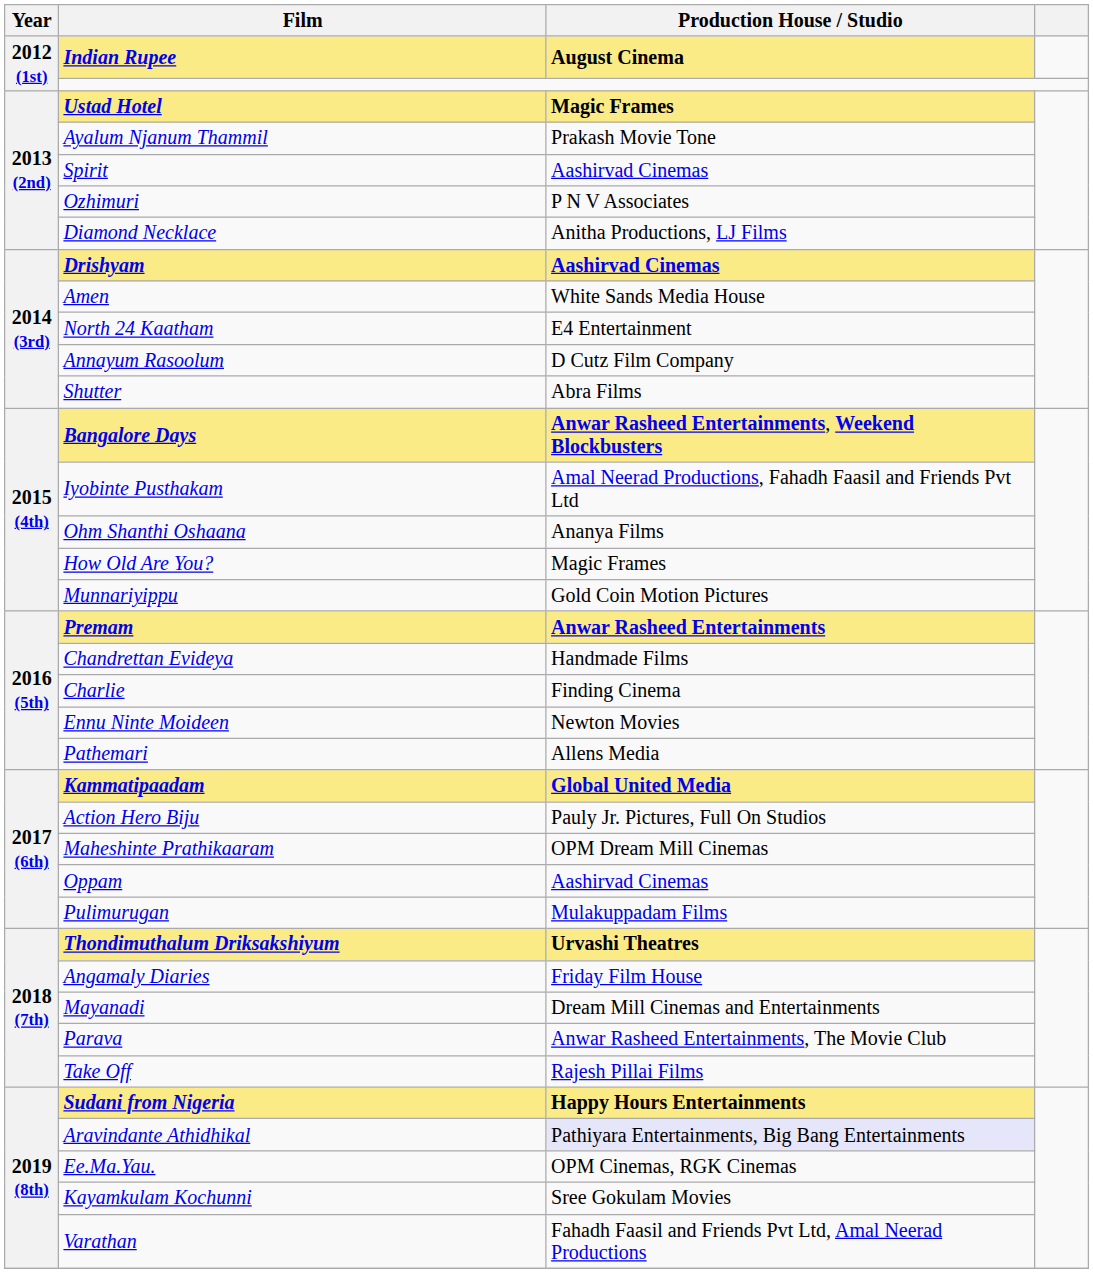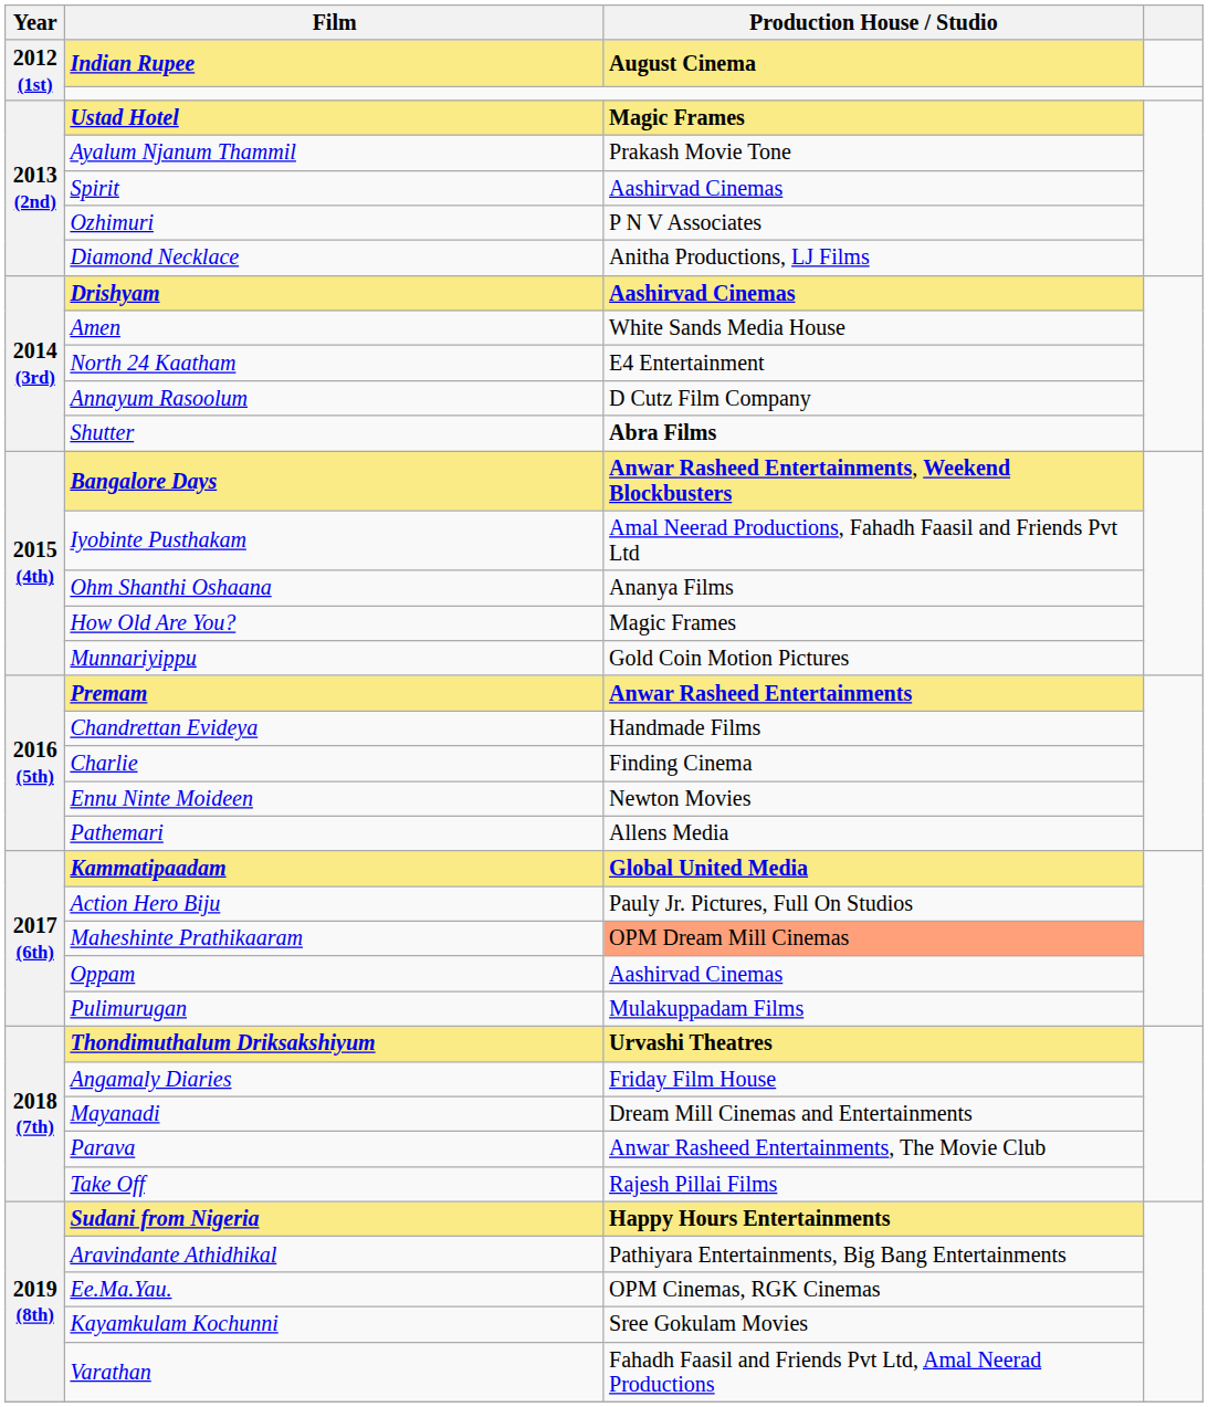 <table class="wikitable sortable" style="text-align:left;">
 <tr>
 <th scope="col" style="width:5%; text-align:center;">Year</th>
 <th scope="col" style="width:45%;text-align:center;">Film</th>
 <th scope="col" style="width:45%;text-align:center;">Production House / Studio</th>
 <th class="unsortable"></th>
 </tr>
 <tr>
 <th scope="row" rowspan="2" style="text-align:center">2012 <br><small><a href='#'>(1st)</a> </small></th>
 <td style="background:#FAEB86;"><strong><em><a href='#'>Indian Rupee</a></em></strong> </td>
 <td style="background:#FAEB86;"><strong>August Cinema</strong></td>
 <td></td>
 </tr>
 <tr>
 <td colspan =3 style="text-align:center"></td>
 </tr>
 <tr>
 <th scope="row" rowspan="5" style="text-align:center">2013 <br><small><a href='#'>(2nd)</a> </small></th>
 <td style="background:#FAEB86;"><strong><em><a href='#'>Ustad Hotel</a></em></strong> </td>
 <td style="background:#FAEB86;"><strong>Magic Frames</strong></td>
 <td rowspan="5"></td>
 </tr>
 <tr>
 <td><em><a href='#'>Ayalum Njanum Thammil</a></em></td>
 <td>Prakash Movie Tone</td>
 </tr>
 <tr>
 <td><em><a href='#'>Spirit</a></em></td>
 <td><a href='#'>Aashirvad Cinemas</a></td>
 </tr>
 <tr>
 <td><em><a href='#'>Ozhimuri</a></em></td>
 <td>P N V Associates</td>
 </tr>
 <tr>
 <td><em><a href='#'>Diamond Necklace</a></em></td>
 <td>Anitha Productions, <a href='#'>LJ Films</a></td>
 </tr>
 <tr>
 <th scope="row" rowspan="5" style="text-align:center">2014 <br><small><a href='#'>(3rd)</a> </small></th>
 <td style="background:#FAEB86;"><strong><em><a href='#'>Drishyam</a></em></strong> </td>
 <td style="background:#FAEB86;"><strong><a href='#'>Aashirvad Cinemas</a></strong></td>
 <td rowspan="5"><br></td>
 </tr>
 <tr>
 <td><em><a href='#'>Amen</a></em></td>
 <td>White Sands Media House</td>
 </tr>
 <tr>
 <td><em><a href='#'>North 24 Kaatham</a></em></td>
 <td>E4 Entertainment</td>
 </tr>
 <tr>
 <td><em><a href='#'>Annayum Rasoolum</a></em></td>
 <td>D Cutz Film Company</td>
 </tr>
 <tr>
 <td><em><a href='#'>Shutter</a></em></td>
-<td>Abra Films</td>
+<td><strong>Abra Films</strong></td>
 </tr>
 <tr>
 <th scope="row" rowspan="5" style="text-align:center">2015 <br><small><a href='#'>(4th)</a> </small></th>
 <td style="background:#FAEB86;"><strong><em><a href='#'>Bangalore Days</a></em></strong> </td>
 <td style="background:#FAEB86;"><strong><a href='#'>Anwar Rasheed Entertainments</a></strong>, <strong><a href='#'>Weekend Blockbusters</a></strong></td>
 <td rowspan="5"><br></td>
 </tr>
 <tr>
 <td><em><a href='#'>Iyobinte Pusthakam</a></em></td>
 <td><a href='#'>Amal Neerad Productions</a>, Fahadh Faasil and Friends Pvt Ltd</td>
 </tr>
 <tr>
 <td><em><a href='#'>Ohm Shanthi Oshaana</a></em></td>
 <td>Ananya Films</td>
 </tr>
 <tr>
 <td><em><a href='#'>How Old Are You?</a></em></td>
 <td>Magic Frames</td>
 </tr>
 <tr>
 <td><em><a href='#'>Munnariyippu</a></em></td>
 <td>Gold Coin Motion Pictures</td>
 </tr>
 <tr>
 <th scope="row" rowspan="5" style="text-align:center">2016 <br><small><a href='#'>(5th)</a> </small></th>
 <td style="background:#FAEB86;"><strong><em><a href='#'>Premam</a></em></strong> </td>
 <td style="background:#FAEB86;"><strong><a href='#'>Anwar Rasheed Entertainments</a></strong></td>
 <td rowspan="5"><br></td>
 </tr>
 <tr>
 <td><em><a href='#'>Chandrettan Evideya</a></em></td>
 <td>Handmade Films</td>
 </tr>
 <tr>
 <td><em><a href='#'>Charlie</a></em></td>
 <td>Finding Cinema</td>
 </tr>
 <tr>
 <td><em><a href='#'>Ennu Ninte Moideen</a></em></td>
 <td>Newton Movies</td>
 </tr>
 <tr>
 <td><em><a href='#'>Pathemari</a></em></td>
 <td>Allens Media</td>
 </tr>
 <tr>
 <th scope="row" rowspan="5" style="text-align:center">2017 <br><small><a href='#'>(6th)</a> </small></th>
 <td style="background:#FAEB86;"><strong><em><a href='#'>Kammatipaadam</a></em></strong> </td>
 <td style="background:#FAEB86;"><strong><a href='#'>Global United Media</a></strong></td>
 <td rowspan="5"><br></td>
 </tr>
 <tr>
 <td><em><a href='#'>Action Hero Biju</a></em></td>
 <td>Pauly Jr. Pictures, Full On Studios</td>
 </tr>
 <tr>
 <td><em><a href='#'>Maheshinte Prathikaaram</a></em></td>
-<td>OPM Dream Mill Cinemas</td>
+<td style="background: lightsalmon;">OPM Dream Mill Cinemas</td>
 </tr>
 <tr>
 <td><em><a href='#'>Oppam</a></em></td>
 <td><a href='#'>Aashirvad Cinemas</a></td>
 </tr>
 <tr>
 <td><em><a href='#'>Pulimurugan</a></em></td>
 <td><a href='#'>Mulakuppadam Films</a></td>
 </tr>
 <tr>
 <th scope="row" rowspan="5" style="text-align:center">2018 <br><small><a href='#'>(7th)</a> </small></th>
 <td style="background:#FAEB86;"><strong><em><a href='#'>Thondimuthalum Driksakshiyum</a></em></strong> </td>
 <td style="background:#FAEB86;"><strong>Urvashi Theatres</strong></td>
 <td rowspan="5"><br></td>
 </tr>
 <tr>
 <td><em><a href='#'>Angamaly Diaries</a></em></td>
 <td><a href='#'>Friday Film House</a></td>
 </tr>
 <tr>
 <td><em><a href='#'>Mayanadi</a></em></td>
 <td>Dream Mill Cinemas and Entertainments</td>
 </tr>
 <tr>
 <td><em><a href='#'>Parava</a></em></td>
 <td><a href='#'>Anwar Rasheed Entertainments</a>, The Movie Club</td>
 </tr>
 <tr>
 <td><em><a href='#'>Take Off</a></em></td>
 <td><a href='#'>Rajesh Pillai Films</a></td>
 </tr>
 <tr>
 <th scope="row" rowspan="5" style="text-align:center">2019 <br><small><a href='#'>(8th)</a> </small></th>
 <td style="background:#FAEB86;"><strong><em><a href='#'>Sudani from Nigeria</a></em></strong> </td>
 <td style="background:#FAEB86;"><strong>Happy Hours Entertainments</strong></td>
 <td rowspan="5"><br></td>
 </tr>
 <tr>
 <td><em><a href='#'>Aravindante Athidhikal</a></em></td>
-<td style="background: lavender;">Pathiyara Entertainments, Big Bang Entertainments</td>
+<td>Pathiyara Entertainments, Big Bang Entertainments</td>
 </tr>
 <tr>
 <td><em><a href='#'>Ee.Ma.Yau.</a></em></td>
 <td>OPM Cinemas, RGK Cinemas</td>
 </tr>
 <tr>
 <td><em><a href='#'>Kayamkulam Kochunni</a></em></td>
 <td>Sree Gokulam Movies</td>
 </tr>
 <tr>
 <td><em><a href='#'>Varathan</a></em></td>
 <td>Fahadh Faasil and Friends Pvt Ltd, <a href='#'>Amal Neerad Productions</a></td>
 </tr>
 <tr>
 </tr>
 </table>
